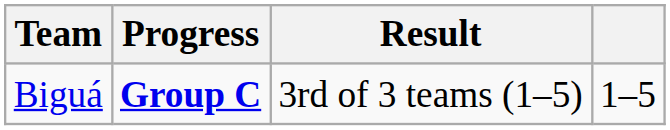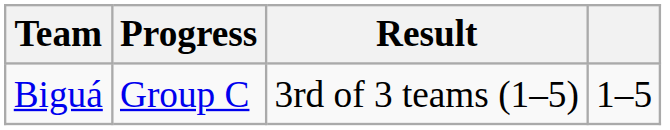 <table class="wikitable sortable">
 <tr>
 <th>Team</th>
 <th>Progress</th>
 <th>Result</th>
 <th></th>
 </tr>
 <tr>
 <td><a href='#'>Biguá</a></td>
-<td><strong><a href='#'>Group C</a></strong></td>
+<td><a href='#'>Group C</a></td>
 <td style="text-align:center">3rd of 3 teams (1–5)</td>
 <td style="text-align:center" rowspan="4">1–5</td>
 </tr>
 </table>
